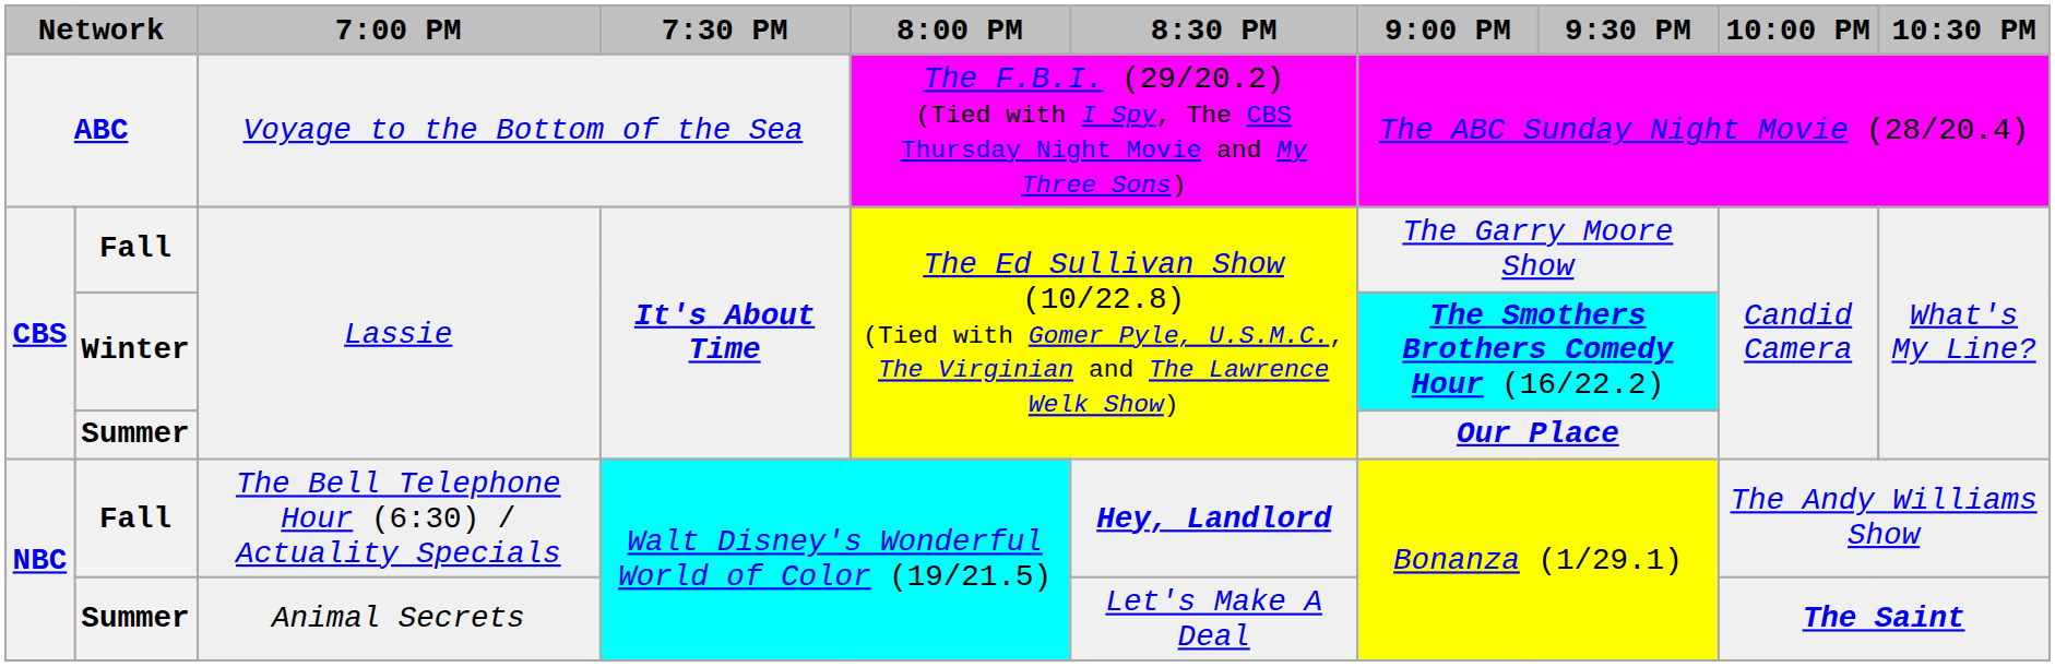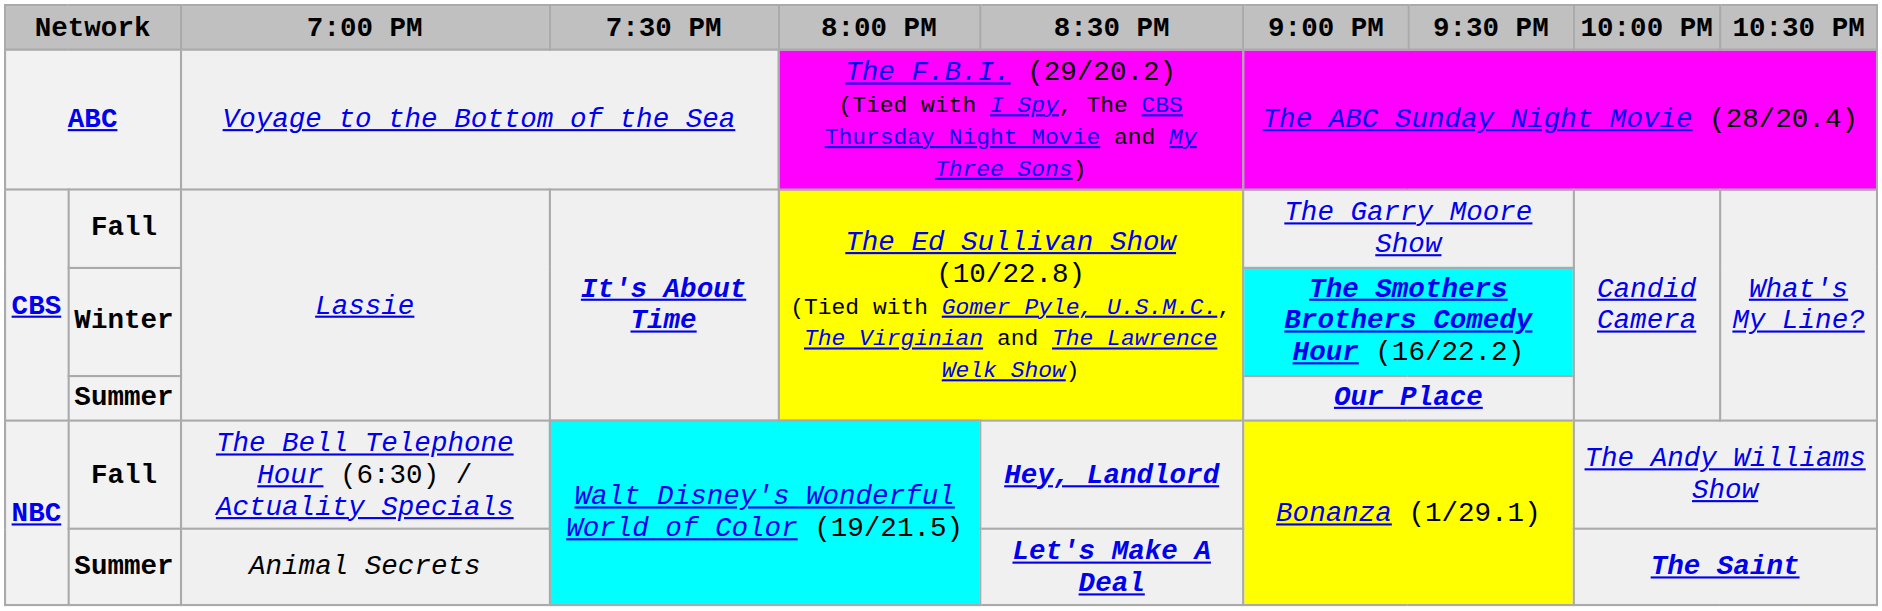 <table class="wikitable" style="width:100%;margin-right:0;text-align:center">
 <tr>
 <th colspan="2" style="background-color:#C0C0C0;text-align:center">Network</th>
 <th style="background-color:#C0C0C0;text-align:center">7:00 PM</th>
 <th style="background-color:#C0C0C0;text-align:center">7:30 PM</th>
 <th style="background-color:#C0C0C0;text-align:center">8:00 PM</th>
 <th style="background-color:#C0C0C0;text-align:center">8:30 PM</th>
 <th style="background-color:#C0C0C0;text-align:center">9:00 PM</th>
 <th style="background-color:#C0C0C0;text-align:center">9:30 PM</th>
 <th style="background-color:#C0C0C0;text-align:center">10:00 PM</th>
 <th style="background-color:#C0C0C0;text-align:center">10:30 PM</th>
 </tr>
 <tr>
 <th bgcolor="#C0C0C0" colspan="2"><a href='#'>ABC</a></th>
 <td bgcolor="#F0F0F0" colspan="2"><em><a href='#'>Voyage to the Bottom of the Sea</a></em></td>
 <td bgcolor="#FF00FF" colspan="2"><em><a href='#'>The F.B.I.</a></em> (29/20.2)<br><small>(Tied with <em><a href='#'>I Spy</a></em>, The <a href='#'>CBS Thursday Night Movie</a> and <em><a href='#'>My Three Sons</a></em>)</small></td>
 <td bgcolor="#FF00FF" colspan="4"><em><a href='#'>The ABC Sunday Night Movie</a></em> (28/20.4)</td>
 </tr>
 <tr>
 <th bgcolor="#C0C0C0" rowspan="3"><a href='#'>CBS</a></th>
 <th>Fall</th>
 <td bgcolor="#F0F0F0" rowspan="3"><em><a href='#'>Lassie</a></em></td>
 <td bgcolor="#F0F0F0" rowspan="3"><strong><em><a href='#'>It's About Time</a></em></strong></td>
 <td bgcolor="#FFFF00" rowspan="3" colspan="2"><em><a href='#'>The Ed Sullivan Show</a></em> (10/22.8)<br><small>(Tied with <em><a href='#'>Gomer Pyle, U.S.M.C.</a></em>, <em><a href='#'>The Virginian</a></em> and <em><a href='#'>The Lawrence Welk Show</a></em>)</small></td>
 <td bgcolor="#F0F0F0" colspan="2"><em><a href='#'>The Garry Moore Show</a></em></td>
 <td bgcolor="#F0F0F0" rowspan="3"><em><a href='#'>Candid Camera</a></em></td>
 <td bgcolor="#F0F0F0" rowspan="3"><em><a href='#'>What's My Line?</a></em></td>
 </tr>
 <tr>
 <th>Winter</th>
 <td bgcolor="#00FFFF" colspan="2"><strong><em><a href='#'>The Smothers Brothers Comedy Hour</a></em></strong> (16/22.2)</td>
 </tr>
 <tr>
 <th>Summer</th>
 <td bgcolor="#F0F0F0" colspan="2"><strong><em><a href='#'>Our Place</a></em></strong></td>
 </tr>
 <tr>
 <th bgcolor="#C0C0C0" rowspan="2"><a href='#'>NBC</a></th>
 <th>Fall</th>
 <td bgcolor="#F0F0F0"><em><a href='#'>The Bell Telephone Hour</a></em> (6:30) / <em><a href='#'>Actuality Specials</a></em></td>
 <td bgcolor="#00FFFF" colspan="2" rowspan="2"><em><a href='#'>Walt Disney's Wonderful World of Color</a></em> (19/21.5)</td>
 <td bgcolor="#F0F0F0"><strong><em><a href='#'>Hey, Landlord</a></em></strong></td>
 <td bgcolor="#FFFF00" colspan="2" rowspan="2"><em><a href='#'>Bonanza</a></em> (1/29.1)</td>
 <td bgcolor="#F0F0F0" colspan="2"><em><a href='#'>The Andy Williams Show</a></em></td>
 </tr>
 <tr>
 <th>Summer</th>
 <td bgcolor="#F0F0F0"><em>Animal Secrets</em></td>
-<td bgcolor="#F0F0F0"><em><a href='#'>Let's Make A Deal</a></em></td>
+<td bgcolor="#F0F0F0"><strong><em><a href='#'>Let's Make A Deal</a></em></strong></td>
 <td bgcolor="#F0F0F0" colspan="2"><strong><em><a href='#'>The Saint</a></em></strong></td>
 </tr>
 </table>
